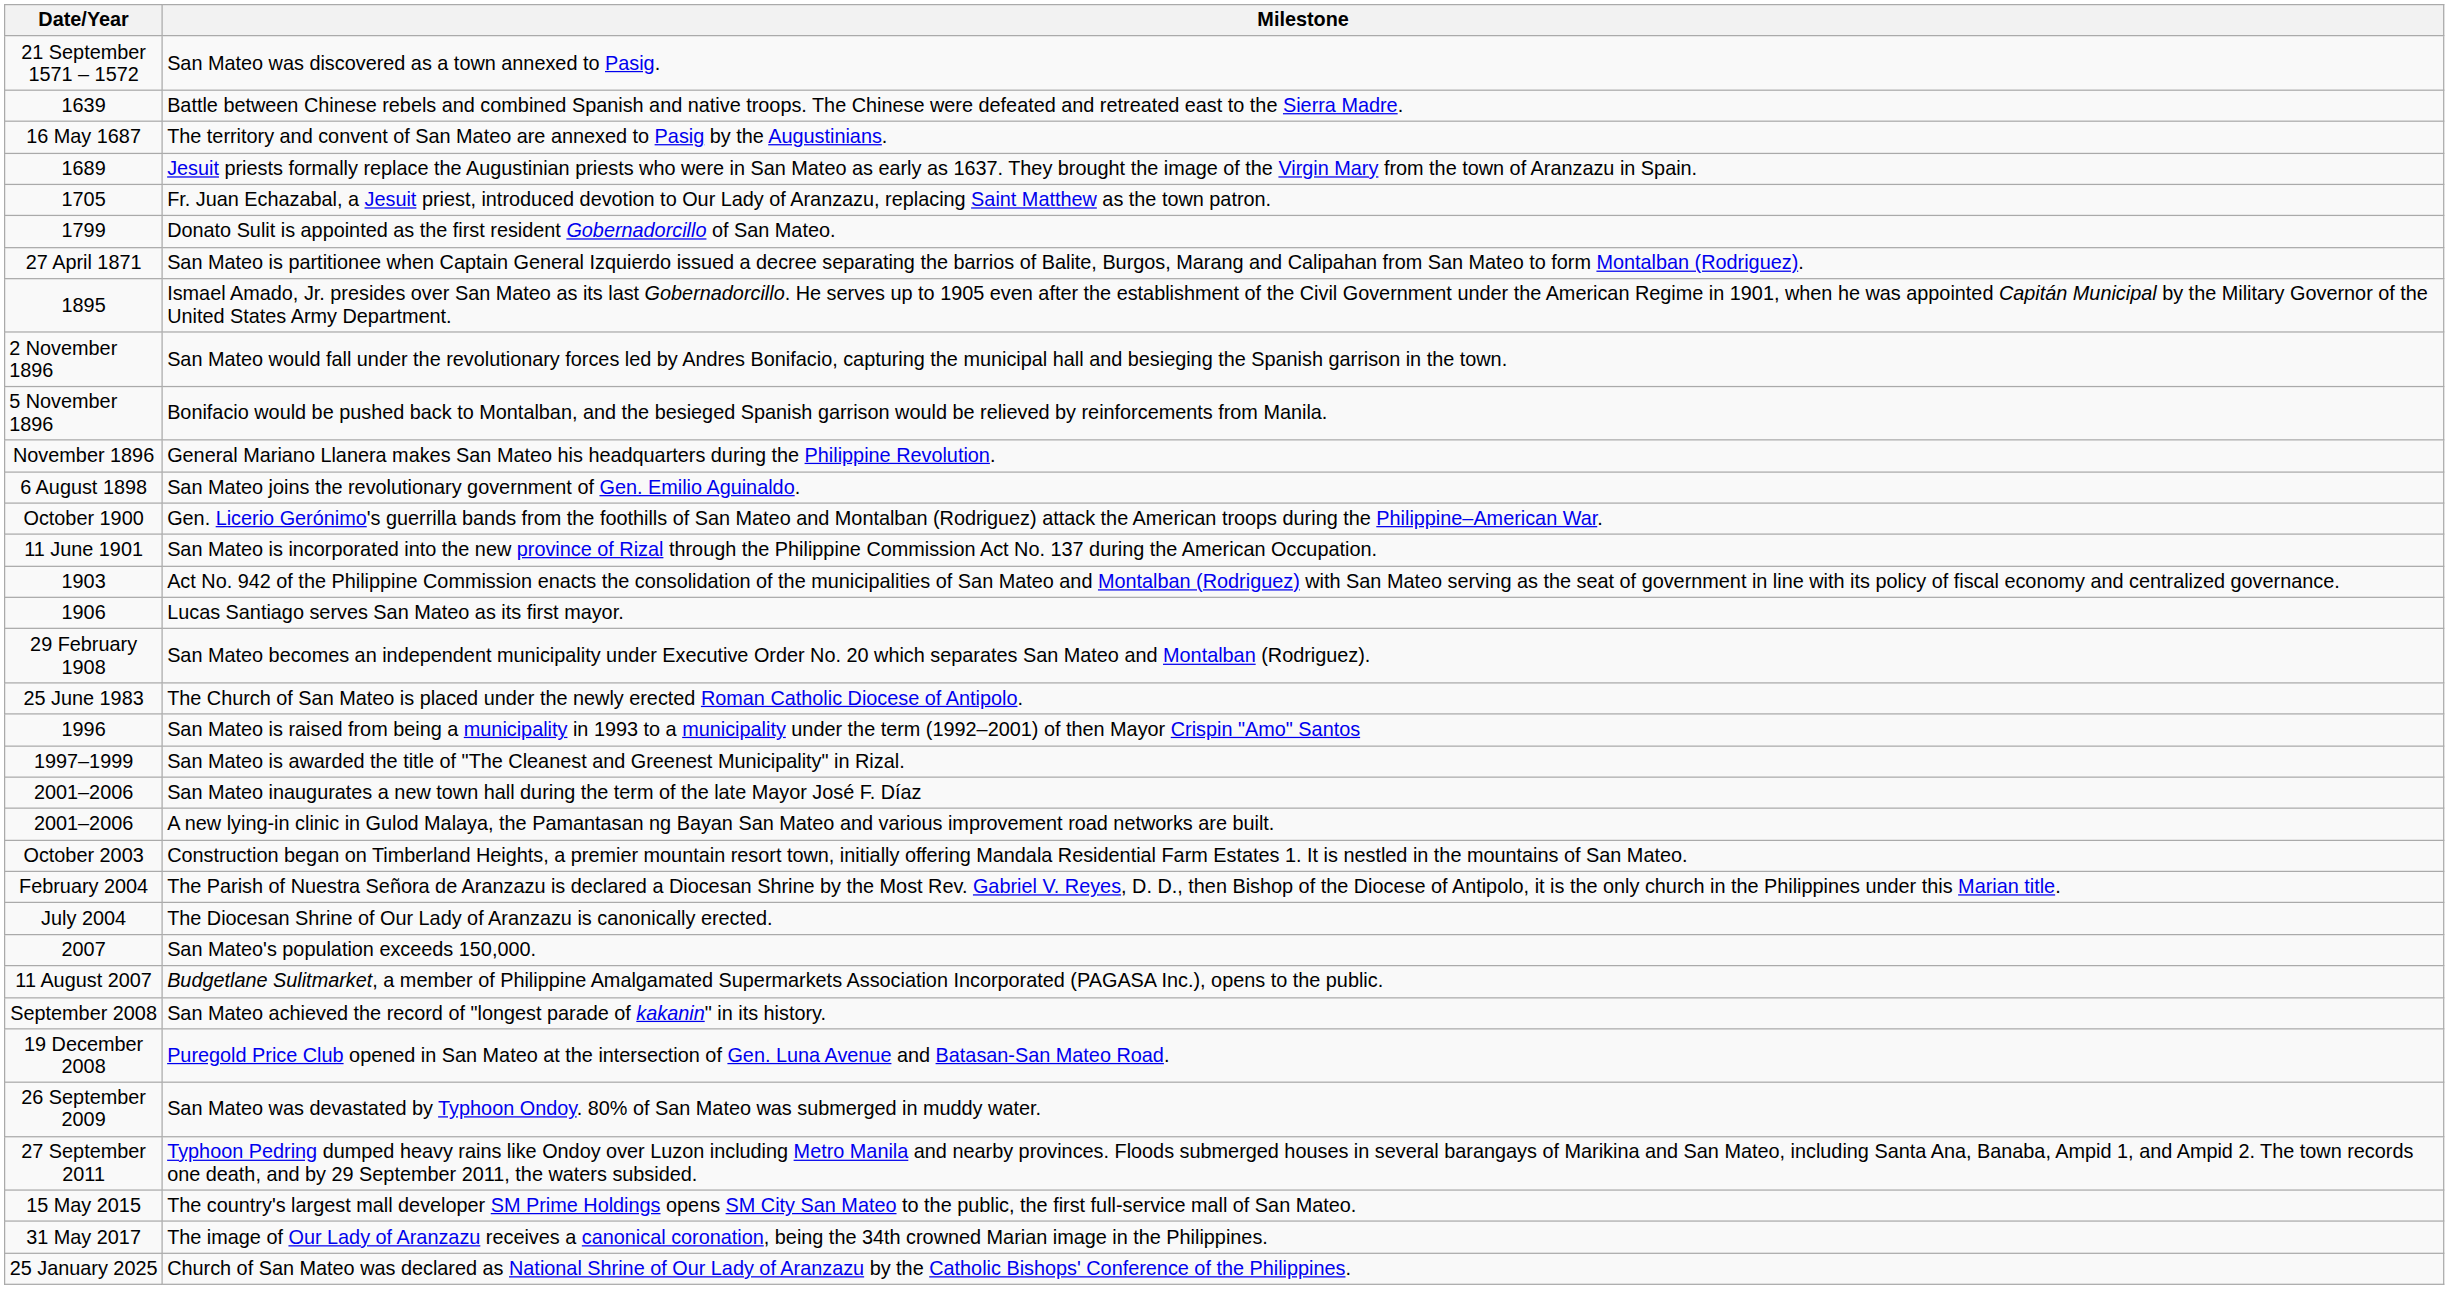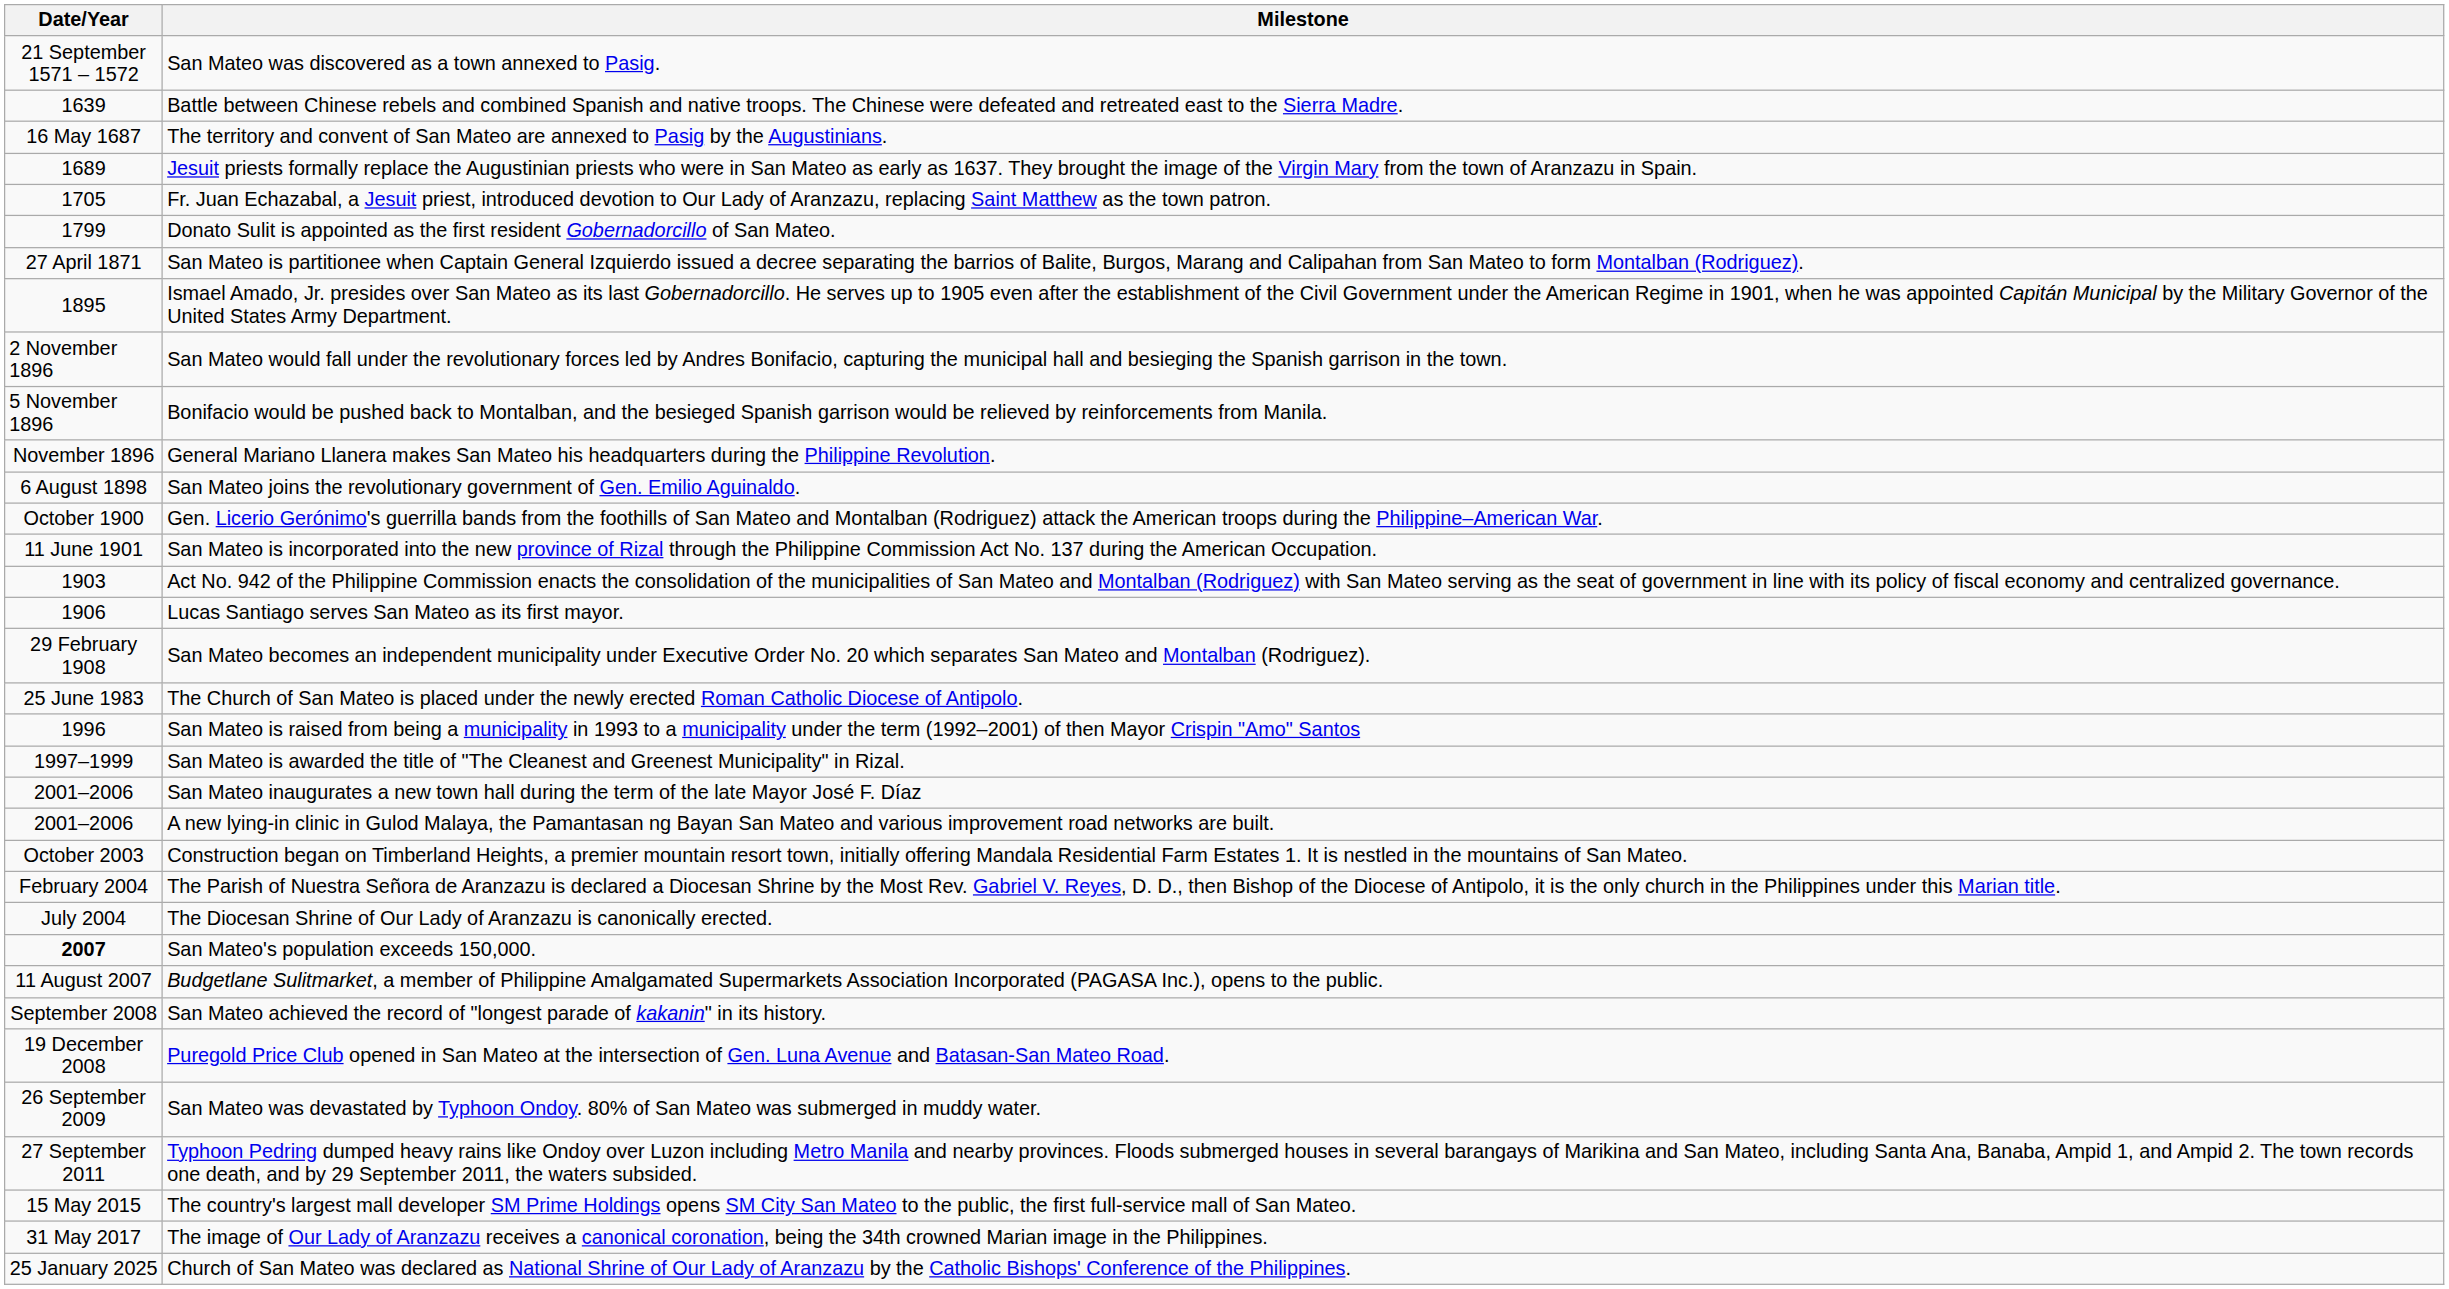 <table class="wikitable">
 <tr>
 <th width=120>Date/Year</th>
 <th>Milestone</th>
 </tr>
 <tr>
 <td style="text-align:center;">21 September 1571 – 1572</td>
 <td>San Mateo was discovered as a town annexed to <a href='#'>Pasig</a>.</td>
 </tr>
 <tr>
 <td style="text-align:center;">1639</td>
 <td>Battle between Chinese rebels and combined Spanish and native troops. The Chinese were defeated and retreated east to the <a href='#'>Sierra Madre</a>.</td>
 </tr>
 <tr>
 <td style="text-align:center;">16 May 1687</td>
 <td>The territory and convent of San Mateo are annexed to <a href='#'>Pasig</a> by the <a href='#'>Augustinians</a>.</td>
 </tr>
 <tr>
 <td style="text-align:center;">1689</td>
 <td><a href='#'>Jesuit</a> priests formally replace the Augustinian priests who were in San Mateo as early as 1637. They brought the image of the <a href='#'>Virgin Mary</a> from the town of Aranzazu in Spain.</td>
 </tr>
 <tr>
 <td style="text-align:center;">1705</td>
 <td>Fr. Juan Echazabal, a <a href='#'>Jesuit</a> priest, introduced devotion to Our Lady of Aranzazu, replacing <a href='#'>Saint Matthew</a> as the town patron.</td>
 </tr>
 <tr>
 <td style="text-align:center;">1799</td>
 <td>Donato Sulit is appointed as the first resident <em><a href='#'>Gobernadorcillo</a></em> of San Mateo.</td>
 </tr>
 <tr>
 <td style="text-align:center;">27 April 1871</td>
 <td>San Mateo is partitionee when Captain General Izquierdo issued a decree separating the barrios of Balite, Burgos, Marang and Calipahan from San Mateo to form <a href='#'>Montalban (Rodriguez)</a>.</td>
 </tr>
 <tr>
 <td style="text-align:center;">1895</td>
 <td>Ismael Amado, Jr. presides over San Mateo as its last <em>Gobernadorcillo</em>. He serves up to 1905 even after the establishment of the Civil Government under the American Regime in 1901, when he was appointed <em>Capitán Municipal</em> by the Military Governor of the United States Army Department.</td>
 </tr>
 <tr>
 <td>2 November 1896</td>
 <td>San Mateo would fall under the revolutionary forces led by Andres Bonifacio, capturing the municipal hall and besieging the Spanish garrison in the town.</td>
 </tr>
 <tr>
 <td>5 November 1896</td>
 <td>Bonifacio would be pushed back to Montalban, and the besieged Spanish garrison would be relieved by reinforcements from Manila.</td>
 </tr>
 <tr>
 <td style="text-align:center;">November 1896</td>
 <td>General Mariano Llanera makes San Mateo his headquarters during the <a href='#'>Philippine Revolution</a>.</td>
 </tr>
 <tr>
 <td style="text-align:center;">6 August 1898</td>
 <td>San Mateo joins the revolutionary government of <a href='#'>Gen. Emilio Aguinaldo</a>.</td>
 </tr>
 <tr>
 <td style="text-align:center;">October 1900</td>
 <td>Gen. <a href='#'>Licerio Gerónimo</a>'s guerrilla bands from the foothills of San Mateo and Montalban (Rodriguez) attack the American troops during the <a href='#'>Philippine–American War</a>.</td>
 </tr>
 <tr>
 <td style="text-align:center;">11 June 1901</td>
 <td>San Mateo is incorporated into the new <a href='#'>province of Rizal</a> through the Philippine Commission Act No. 137 during the American Occupation.</td>
 </tr>
 <tr>
 <td style="text-align:center;">1903</td>
 <td>Act No. 942 of the Philippine Commission enacts the consolidation of the municipalities of San Mateo and <a href='#'>Montalban (Rodriguez)</a> with San Mateo serving as the seat of government in line with its policy of fiscal economy and centralized governance.</td>
 </tr>
 <tr>
 <td style="text-align:center;">1906</td>
 <td>Lucas Santiago serves San Mateo as its first mayor.</td>
 </tr>
 <tr>
 <td style="text-align:center;">29 February 1908</td>
 <td>San Mateo becomes an independent municipality under Executive Order No. 20 which separates San Mateo and <a href='#'>Montalban</a> (Rodriguez).</td>
 </tr>
 <tr>
 <td style="text-align:center;">25 June 1983</td>
 <td>The Church of San Mateo is placed under the newly erected <a href='#'>Roman Catholic Diocese of Antipolo</a>.</td>
 </tr>
 <tr>
 <td style="text-align:center;">1996</td>
 <td>San Mateo is raised from being a <a href='#'>municipality</a> in 1993 to a <a href='#'>municipality</a> under the term (1992–2001) of then Mayor <a href='#'>Crispin "Amo" Santos</a></td>
 </tr>
 <tr>
 <td style="text-align:center;">1997–1999</td>
 <td>San Mateo is awarded the title of "The Cleanest and Greenest Municipality" in Rizal.</td>
 </tr>
 <tr>
 <td style="text-align:center;">2001–2006</td>
 <td>San Mateo inaugurates a new town hall during the term of the late Mayor José F. Díaz</td>
 </tr>
 <tr>
 <td style="text-align:center;">2001–2006</td>
 <td>A new lying-in clinic in Gulod Malaya, the Pamantasan ng Bayan San Mateo and various improvement road networks are built.</td>
 </tr>
 <tr>
 <td style="text-align:center;">October 2003</td>
 <td>Construction began on Timberland Heights, a premier mountain resort town, initially offering Mandala Residential Farm Estates 1. It is nestled in the mountains of San Mateo.</td>
 </tr>
 <tr>
 <td style="text-align:center;">February 2004</td>
 <td>The Parish of Nuestra Señora de Aranzazu is declared a Diocesan Shrine by the Most Rev. <a href='#'>Gabriel V. Reyes</a>, D. D., then Bishop of the Diocese of Antipolo, it is the only church in the Philippines under this <a href='#'>Marian title</a>.</td>
 </tr>
 <tr>
 <td style="text-align:center;">July 2004</td>
 <td>The Diocesan Shrine of Our Lady of Aranzazu is canonically erected.</td>
 </tr>
 <tr>
-<td style="text-align:center;">2007</td>
+<td style="text-align:center;"><strong>2007</strong></td>
 <td>San Mateo's population exceeds 150,000.</td>
 </tr>
 <tr>
 <td style="text-align:center;">11 August 2007</td>
 <td><em>Budgetlane Sulitmarket</em>, a member of Philippine Amalgamated Supermarkets Association Incorporated (PAGASA Inc.), opens to the public.</td>
 </tr>
 <tr>
 <td style="text-align:center;">September 2008</td>
 <td>San Mateo achieved the record of "longest parade of <em><a href='#'>kakanin</a></em>" in its history.</td>
 </tr>
 <tr>
 <td style="text-align:center;">19 December 2008</td>
 <td><a href='#'>Puregold Price Club</a> opened in San Mateo at the intersection of <a href='#'>Gen. Luna Avenue</a> and <a href='#'>Batasan-San Mateo Road</a>.</td>
 </tr>
 <tr>
 <td style="text-align:center;">26 September 2009</td>
 <td>San Mateo was devastated by <a href='#'>Typhoon Ondoy</a>. 80% of San Mateo was submerged in muddy water.</td>
 </tr>
 <tr>
 <td style="text-align:center;">27 September 2011</td>
 <td><a href='#'>Typhoon Pedring</a> dumped heavy rains like Ondoy over Luzon including <a href='#'>Metro Manila</a> and nearby provinces. Floods submerged houses in several barangays of Marikina and San Mateo, including Santa Ana, Banaba, Ampid 1, and Ampid 2. The town records one death, and by 29 September 2011, the waters subsided.</td>
 </tr>
 <tr>
 <td style="text-align:center;">15 May 2015</td>
 <td>The country's largest mall developer <a href='#'>SM Prime Holdings</a> opens <a href='#'>SM City San Mateo</a> to the public, the first full-service mall of San Mateo.</td>
 </tr>
 <tr>
 <td style="text-align:center;">31 May 2017</td>
 <td>The image of <a href='#'>Our Lady of Aranzazu</a> receives a <a href='#'>canonical coronation</a>, being the 34th crowned Marian image in the Philippines.</td>
 </tr>
 <tr>
 <td style="text-align:center;">25 January 2025</td>
 <td>Church of San Mateo was declared as <a href='#'>National Shrine of Our Lady of Aranzazu</a>  by the <a href='#'>Catholic Bishops' Conference of the Philippines</a>.</td>
 </tr>
 </table>
